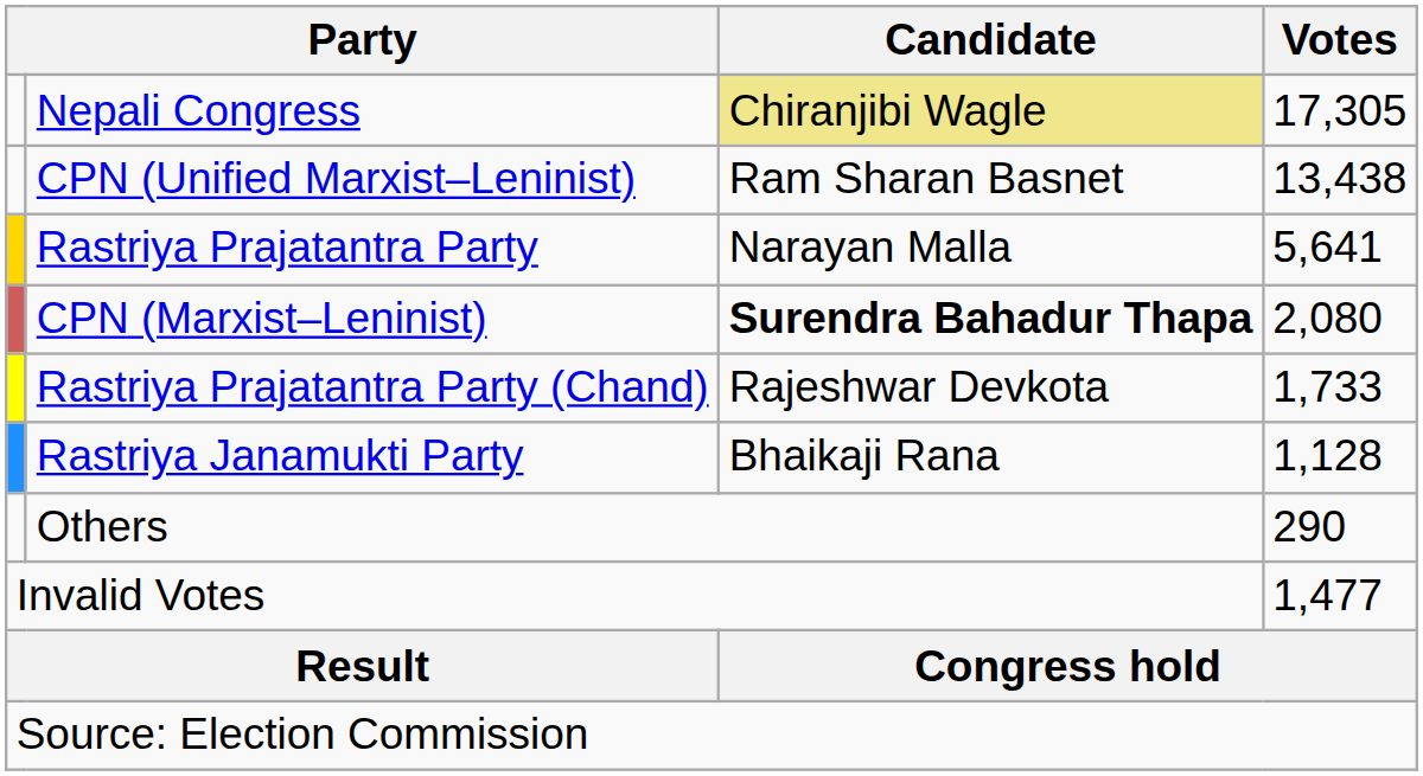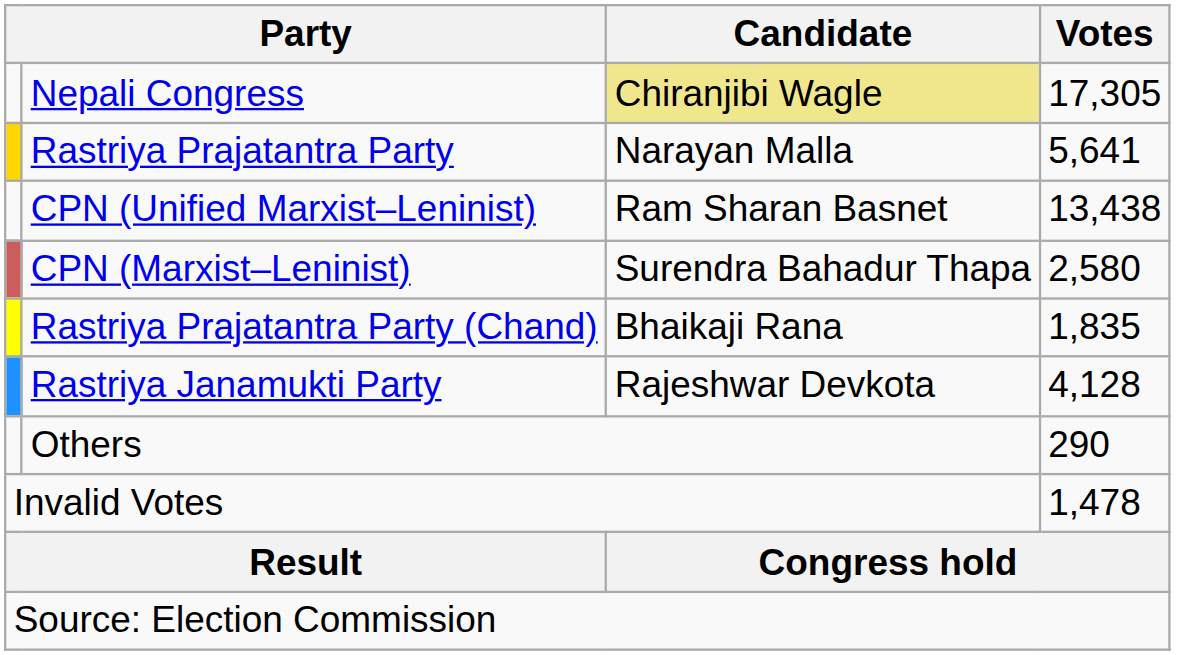 <table class="wikitable">
 <tr>
 <th colspan="2">Party</th>
 <th>Candidate</th>
 <th>Votes</th>
 </tr>
 <tr>
 <td style="background-color:"></td>
 <td><a href='#'>Nepali Congress</a></td>
 <td style="background: khaki;">Chiranjibi Wagle</td>
 <td>17,305</td>
 </tr>
 <tr>
+<td style="background-color:gold"></td>
+<td><a href='#'>Rastriya Prajatantra Party</a></td>
+<td>Narayan Malla</td>
+<td>5,641</td>
+</tr>
+<tr>
 <td style="background-color:"></td>
 <td><a href='#'>CPN (Unified Marxist–Leninist)</a></td>
 <td>Ram Sharan Basnet</td>
 <td>13,438</td>
 </tr>
 <tr>
-<td style="background-color:gold"></td>
-<td><a href='#'>Rastriya Prajatantra Party</a></td>
-<td>Narayan Malla</td>
-<td>5,641</td>
-</tr>
-<tr>
 <td style="background-color:indianred"></td>
 <td><a href='#'>CPN (Marxist–Leninist)</a></td>
-<td><strong>Surendra Bahadur Thapa</strong></td>
-<td>2,080</td>
+<td>Surendra Bahadur Thapa</td>
+<td>2,580</td>
 </tr>
 <tr>
 <td style="background-color:yellow"></td>
 <td><a href='#'>Rastriya Prajatantra Party (Chand)</a></td>
-<td>Rajeshwar Devkota</td>
-<td>1,733</td>
+<td>Bhaikaji Rana</td>
+<td>1,835</td>
 </tr>
 <tr>
 <td style="background-color:dodgerblue"></td>
 <td><a href='#'>Rastriya Janamukti Party</a></td>
-<td>Bhaikaji Rana</td>
-<td>1,128</td>
+<td>Rajeshwar Devkota</td>
+<td>4,128</td>
 </tr>
 <tr>
 <td></td>
 <td colspan="2">Others</td>
 <td>290</td>
 </tr>
 <tr>
 <td colspan="3">Invalid Votes</td>
-<td>1,477</td>
+<td>1,478</td>
 </tr>
 <tr>
 <th colspan="2">Result</th>
 <th colspan="2">Congress hold</th>
 </tr>
 <tr>
 <td colspan="4">Source: Election Commission</td>
 </tr>
 </table>
